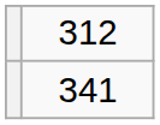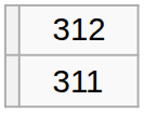 <table class="wikitable">
 <tr>
 <th></th>
 <td style="padding-left: 1em; padding-right: 1em">312</td>
 </tr>
 <tr>
 <th></th>
-<td style="padding-left: 1em; padding-right: 1em">341</td>
+<td style="padding-left: 1em; padding-right: 1em">311</td>
 </tr>
 </table>
